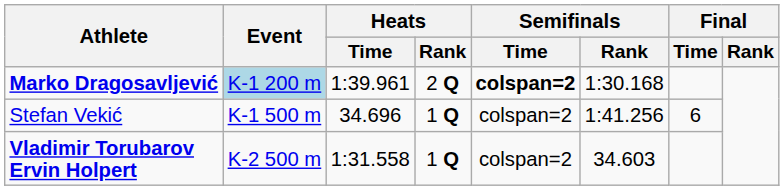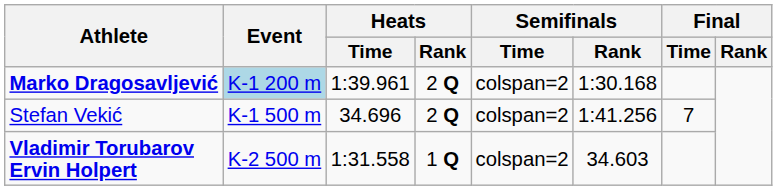 <table class=wikitable style="font-size:90%;">
 <tr>
 <th rowspan=2>Athlete</th>
 <th rowspan=2>Event</th>
 <th colspan=2>Heats</th>
 <th colspan=2>Semifinals</th>
 <th colspan=2>Final</th>
 </tr>
 <tr style="font-size:95%">
 <th>Time</th>
 <th>Rank</th>
 <th>Time</th>
 <th>Rank</th>
 <th>Time</th>
 <th>Rank</th>
 </tr>
 <tr align=center>
 <td align=left><strong><a href='#'>Marko Dragosavljević</a></strong></td>
 <td align=left style="background: lightblue;"><a href='#'>K-1 200 m</a></td>
 <td>1:39.961</td>
 <td>2 <strong>Q</strong></td>
-<td><strong>colspan=2 </strong></td>
+<td>colspan=2 </td>
 <td>1:30.168</td>
 <td></td>
 </tr>
 <tr align=center>
 <td align=left><a href='#'>Stefan Vekić</a></td>
 <td align=left><a href='#'>K-1 500 m</a></td>
 <td>34.696</td>
-<td>1 <strong>Q</strong></td>
+<td>2 <strong>Q</strong></td>
 <td>colspan=2 </td>
 <td>1:41.256</td>
-<td>6</td>
+<td>7</td>
 </tr>
 <tr align=center>
 <td align=left><strong><a href='#'>Vladimir Torubarov</a></strong><br><strong><a href='#'>Ervin Holpert</a></strong></td>
 <td align=left><a href='#'>K-2 500 m</a></td>
 <td>1:31.558</td>
 <td>1 <strong>Q</strong></td>
 <td>colspan=2 </td>
 <td>34.603</td>
 <td></td>
 </tr>
 </table>
